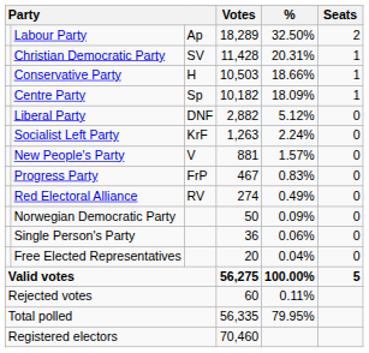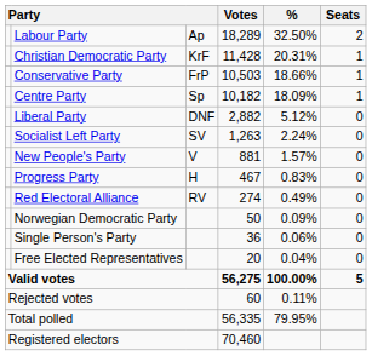 <table class="wikitable" border="1" style="text-align:right;">
 <tr>
 <th style="text-align:left;" colspan=3>Party</th>
 <th align=center width="50">Votes</th>
 <th align=center width="50">%</th>
 <th align=center width="50">Seats</th>
 </tr>
 <tr>
 <td style="color:inherit;background:"></td>
 <td align=left><a href='#'>Labour Party</a></td>
 <td align=left>Ap</td>
 <td>18,289</td>
 <td>32.50%</td>
 <td>2</td>
 </tr>
 <tr>
 <td style="color:inherit;background:"></td>
 <td align=left><a href='#'>Christian Democratic Party</a></td>
-<td align=left>SV</td>
+<td align=left>KrF</td>
 <td>11,428</td>
 <td>20.31%</td>
 <td>1</td>
 </tr>
 <tr>
 <td style="color:inherit;background:"></td>
 <td align=left><a href='#'>Conservative Party</a></td>
-<td align=left>H</td>
+<td align=left>FrP</td>
 <td>10,503</td>
 <td>18.66%</td>
 <td>1</td>
 </tr>
 <tr>
 <td style="color:inherit;background:"></td>
 <td align=left><a href='#'>Centre Party</a></td>
 <td align=left>Sp</td>
 <td>10,182</td>
 <td>18.09%</td>
 <td>1</td>
 </tr>
 <tr>
 <td style="color:inherit;background:"></td>
 <td align=left><a href='#'>Liberal Party</a></td>
 <td align=left>DNF</td>
 <td>2,882</td>
 <td>5.12%</td>
 <td>0</td>
 </tr>
 <tr>
 <td style="color:inherit;background:"></td>
 <td align=left><a href='#'>Socialist Left Party</a></td>
-<td align=left>KrF</td>
+<td align=left>SV</td>
 <td>1,263</td>
 <td>2.24%</td>
 <td>0</td>
 </tr>
 <tr>
 <td style="color:inherit;background:"></td>
 <td align=left><a href='#'>New People's Party</a></td>
 <td align=left>V</td>
 <td>881</td>
 <td>1.57%</td>
 <td>0</td>
 </tr>
 <tr>
 <td style="color:inherit;background:"></td>
 <td align=left><a href='#'>Progress Party</a></td>
-<td align=left>FrP</td>
+<td align=left>H</td>
 <td>467</td>
 <td>0.83%</td>
 <td>0</td>
 </tr>
 <tr>
 <td style="color:inherit;background:"></td>
 <td align=left><a href='#'>Red Electoral Alliance</a></td>
 <td align=left>RV</td>
 <td>274</td>
 <td>0.49%</td>
 <td>0</td>
 </tr>
 <tr>
 <td></td>
 <td align=left>Norwegian Democratic Party</td>
 <td align=left></td>
 <td>50</td>
 <td>0.09%</td>
 <td>0</td>
 </tr>
 <tr>
 <td></td>
 <td align=left>Single Person's Party</td>
 <td align=left></td>
 <td>36</td>
 <td>0.06%</td>
 <td>0</td>
 </tr>
 <tr>
 <td></td>
 <td align=left>Free Elected Representatives</td>
 <td align=left></td>
 <td>20</td>
 <td>0.04%</td>
 <td>0</td>
 </tr>
 <tr style="font-weight:bold">
 <td align=left colspan=3>Valid votes</td>
 <td>56,275</td>
 <td>100.00%</td>
 <td>5</td>
 </tr>
 <tr>
 <td align=left colspan=3>Rejected votes</td>
 <td>60</td>
 <td>0.11%</td>
 <td></td>
 </tr>
 <tr>
 <td align=left colspan=3>Total polled</td>
 <td>56,335</td>
 <td>79.95%</td>
 <td></td>
 </tr>
 <tr>
 <td align=left colspan=3>Registered electors</td>
 <td>70,460</td>
 <td></td>
 <td></td>
 </tr>
 </table>
